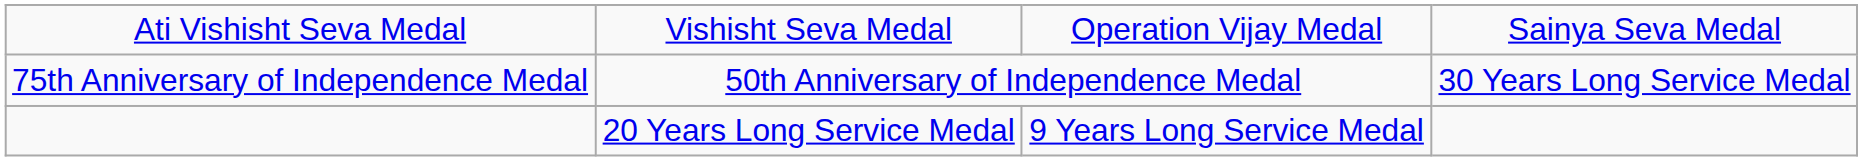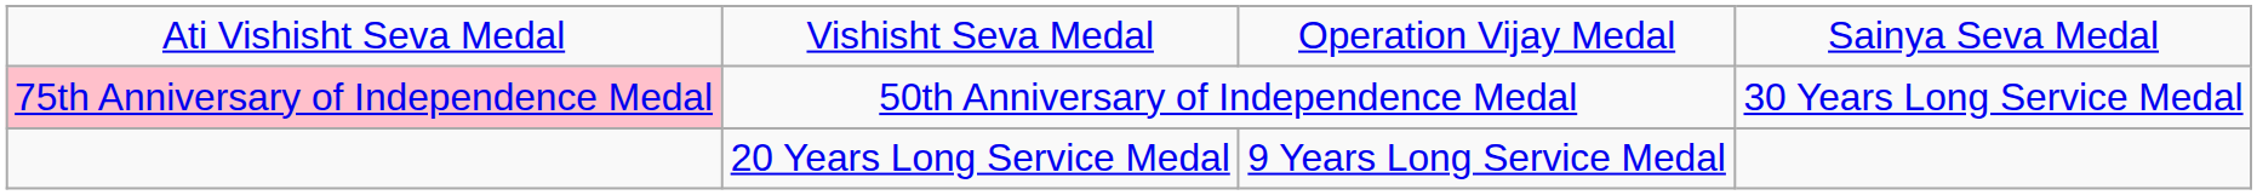 <table class="wikitable" style="margin:1em auto; text-align:center;">
 <tr>
 <td><a href='#'>Ati Vishisht Seva Medal</a></td>
 <td><a href='#'>Vishisht Seva Medal</a></td>
 <td><a href='#'>Operation Vijay Medal</a></td>
 <td><a href='#'>Sainya Seva Medal</a></td>
 </tr>
 <tr>
-<td><a href='#'>75th Anniversary of Independence Medal</a></td>
+<td style="background: pink;"><a href='#'>75th Anniversary of Independence Medal</a></td>
 <td colspan=2><a href='#'>50th Anniversary of Independence Medal</a></td>
 <td><a href='#'>30 Years Long Service Medal</a></td>
 </tr>
 <tr>
 <td></td>
 <td><a href='#'>20 Years Long Service Medal</a></td>
 <td><a href='#'>9 Years Long Service Medal</a></td>
 <td></td>
 </tr>
 </table>
